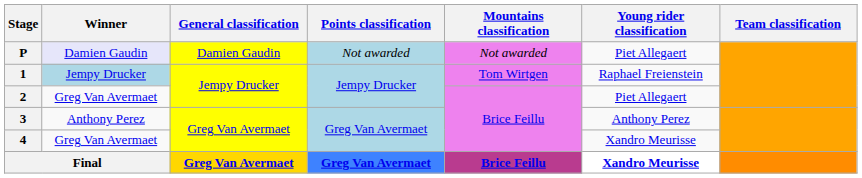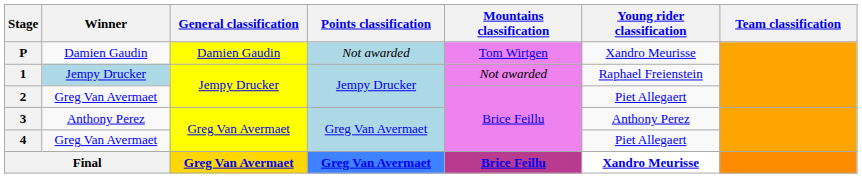 <table class="wikitable" style="text-align: center; font-size:smaller;">
 <tr>
 <th style="width:1%;">Stage</th>
 <th style="width:14%;">Winner</th>
 <th style="width:15%;"><a href='#'>General classification</a><br></th>
 <th style="width:15%;"><a href='#'>Points classification</a><br></th>
 <th style="width:15%;"><a href='#'>Mountains classification</a><br></th>
 <th style="width:15%;"><a href='#'>Young rider classification</a><br></th>
 <th style="width:15%;"><a href='#'>Team classification</a></th>
 </tr>
 <tr>
 <th>P</th>
-<td style="background: lavender;"><a href='#'>Damien Gaudin</a></td>
+<td><a href='#'>Damien Gaudin</a></td>
 <td style="background:yellow;"><a href='#'>Damien Gaudin</a></td>
 <td style="background:lightblue;"><em>Not awarded</em></td>
-<td style="background:violet;"><em>Not awarded</em></td>
-<td style="background:offwhite;"><a href='#'>Piet Allegaert</a></td>
+<td style="background:violet;"><a href='#'>Tom Wirtgen</a></td>
+<td style="background:offwhite;"><a href='#'>Xandro Meurisse</a></td>
 <td style="background:orange;" rowspan=3></td>
 </tr>
 <tr>
 <th>1</th>
 <td style="background: lightblue;"><a href='#'>Jempy Drucker</a></td>
 <td style="background:yellow;" rowspan=2><a href='#'>Jempy Drucker</a></td>
 <td style="background:lightblue;" rowspan=2><a href='#'>Jempy Drucker</a></td>
-<td style="background:violet;"><a href='#'>Tom Wirtgen</a></td>
+<td style="background:violet;"><em>Not awarded</em></td>
 <td style="background:offwhite;"><a href='#'>Raphael Freienstein</a></td>
 </tr>
 <tr>
 <th>2</th>
 <td><a href='#'>Greg Van Avermaet</a></td>
 <td style="background:violet;" rowspan=3><a href='#'>Brice Feillu</a></td>
 <td style="background:offwhite;"><a href='#'>Piet Allegaert</a></td>
 </tr>
 <tr>
 <th>3</th>
 <td><a href='#'>Anthony Perez</a></td>
 <td style="background:yellow;" rowspan=2><a href='#'>Greg Van Avermaet</a></td>
 <td style="background:lightblue;" rowspan=2><a href='#'>Greg Van Avermaet</a></td>
 <td style="background:offwhite;"><a href='#'>Anthony Perez</a></td>
 <td style="background:orange;" rowspan=2></td>
 </tr>
 <tr>
 <th>4</th>
 <td><a href='#'>Greg Van Avermaet</a></td>
-<td style="background:offwhite;"><a href='#'>Xandro Meurisse</a></td>
+<td style="background:offwhite;"><a href='#'>Piet Allegaert</a></td>
 </tr>
 <tr>
 <th colspan=2>Final</th>
 <th style="background:gold;"><a href='#'>Greg Van Avermaet</a></th>
 <th style="background:#3e82ff;"><a href='#'>Greg Van Avermaet</a></th>
 <th style="background:#B93B8F;"><a href='#'>Brice Feillu</a></th>
 <th style="background:white;"><a href='#'>Xandro Meurisse</a></th>
 <th style="background:darkorange;"></th>
 </tr>
 </table>
